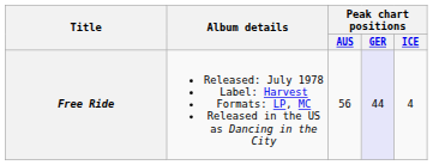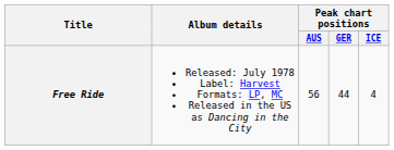 <table class="wikitable plainrowheaders" style="text-align:center;">
 <tr>
 <th rowspan="2" scope="col" style="width:15em;">Title</th>
 <th rowspan="2" scope="col" style="width:15em;">Album details</th>
 <th colspan="3">Peak chart positions</th>
 </tr>
 <tr>
 <th scope="col" style="width:3em;font-size:90%;"><a href='#'>AUS</a><br></th>
 <th scope="col" style="width:3em;font-size:90%;"><a href='#'>GER</a><br></th>
 <th scope="col" style="width:3em;font-size:90%;"><a href='#'>ICE</a><br></th>
 </tr>
 <tr>
 <th scope="row"><em>Free Ride</em></th>
 <td><br><ul><li>Released: July 1978</li><li>Label: <a href='#'>Harvest</a></li><li>Formats: <a href='#'>LP</a>, <a href='#'>MC</a></li><li>Released in the US as <em>Dancing in the City</em></li></ul></td>
 <td>56</td>
-<td style="background: lavender;">44</td>
+<td>44</td>
 <td>4</td>
 </tr>
 </table>
